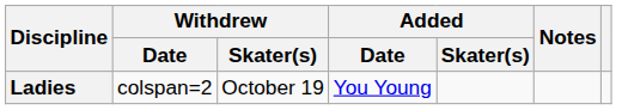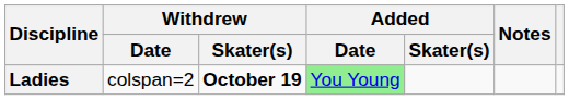 <table class="wikitable unsortable">
 <tr>
 <th scope="col" rowspan=2>Discipline</th>
 <th scope="col" colspan=2>Withdrew</th>
 <th scope="col" colspan=2>Added</th>
 <th scope="col" rowspan=2>Notes</th>
 <th scope="col" rowspan=2></th>
 </tr>
 <tr>
 <th>Date</th>
 <th>Skater(s)</th>
 <th>Date</th>
 <th>Skater(s)</th>
 </tr>
 <tr>
 <th scope="row" style="text-align:left">Ladies</th>
 <td>colspan=2 </td>
-<td>October 19</td>
-<td> <a href='#'>You Young</a></td>
+<td><strong>October 19</strong></td>
+<td style="background: lightgreen;"> <a href='#'>You Young</a></td>
 <td></td>
 <td></td>
 </tr>
 </table>
